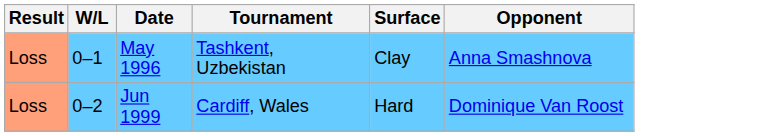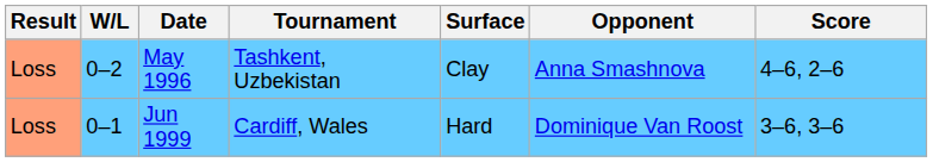 <table class="sortable wikitable">
 <tr>
 <th style="width:40px">Result</th>
 <th style="width:35px" class="unsortable">W/L</th>
 <th style="width:60px">Date</th>
 <th style="width:150px">Tournament</th>
 <th style="width:55px">Surface</th>
 <th style="width:160px">Opponent</th>
+<th style="width:120px" class="unsortable">Score</th>
+</tr>
+<tr style="background:#66ccff;">
+<td style="background:#ffa07a;">Loss</td>
+<td>0–2</td>
+<td><a href='#'>May 1996</a></td>
+<td><a href='#'>Tashkent</a>, Uzbekistan</td>
+<td>Clay</td>
+<td> <a href='#'>Anna Smashnova</a></td>
+<td>4–6, 2–6</td>
 </tr>
 <tr style="background:#66ccff;">
 <td style="background:#ffa07a;">Loss</td>
 <td>0–1</td>
-<td><a href='#'>May 1996</a></td>
-<td><a href='#'>Tashkent</a>, Uzbekistan</td>
-<td>Clay</td>
-<td> <a href='#'>Anna Smashnova</a></td>
-</tr>
-<tr style="background:#66ccff;">
-<td style="background:#ffa07a;">Loss</td>
-<td>0–2</td>
 <td><a href='#'>Jun 1999</a></td>
 <td><a href='#'>Cardiff</a>, Wales</td>
 <td>Hard</td>
 <td> <a href='#'>Dominique Van Roost</a></td>
+<td>3–6, 3–6</td>
 </tr>
 </table>
